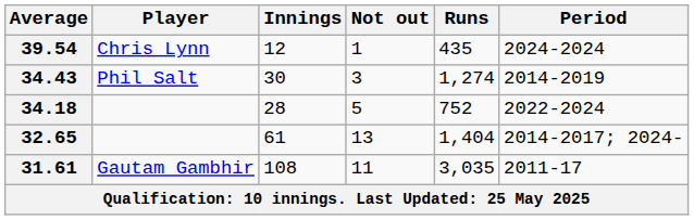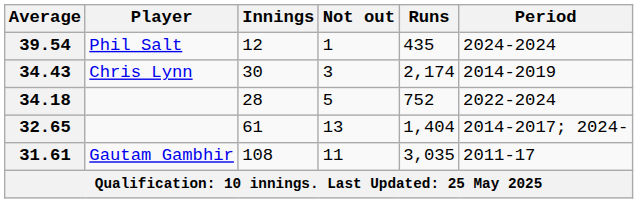 <table class="wikitable" style="text-align:left;font-size:96%;">
 <tr>
 <th>Average</th>
 <th>Player</th>
 <th>Innings</th>
 <th>Not out</th>
 <th>Runs</th>
 <th>Period</th>
 </tr>
 <tr>
 <th scope=row style=text-align:center;>39.54</th>
-<td><a href='#'>Chris Lynn</a></td>
+<td><a href='#'>Phil Salt</a></td>
 <td>12</td>
 <td>1</td>
 <td>435</td>
 <td>2024-2024</td>
 </tr>
 <tr>
 <th scope=row style=text-align:center;>34.43</th>
-<td><a href='#'>Phil Salt</a></td>
+<td><a href='#'>Chris Lynn</a></td>
 <td>30</td>
 <td>3</td>
-<td>1,274</td>
+<td>2,174</td>
 <td>2014-2019</td>
 </tr>
 <tr>
 <th scope=row style=text-align:center;>34.18</th>
 <td></td>
 <td>28</td>
 <td>5</td>
 <td>752</td>
 <td>2022-2024</td>
 </tr>
 <tr>
 <th scope="row" style="text-align:center;">32.65</th>
 <td></td>
 <td>61</td>
 <td>13</td>
 <td>1,404</td>
 <td>2014-2017; 2024-</td>
 </tr>
 <tr>
 <th>31.61</th>
 <td><a href='#'>Gautam Gambhir</a></td>
 <td>108</td>
 <td>11</td>
 <td>3,035</td>
 <td>2011-17</td>
 </tr>
 <tr class=sortbottom>
 <th colspan=7><small>Qualification: 10 innings. Last Updated: 25 May 2025</small></th>
 </tr>
 </table>
